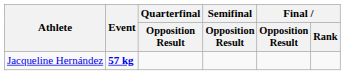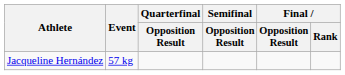 <table class=wikitable style=font-size:90%;text-align:center>
 <tr>
 <th rowspan=2>Athlete</th>
 <th rowspan=2>Event</th>
 <th>Quarterfinal</th>
 <th>Semifinal</th>
 <th colspan=2>Final / </th>
 </tr>
 <tr style=font-size:95%>
 <th>Opposition<br>Result</th>
 <th>Opposition<br>Result</th>
 <th>Opposition<br>Result</th>
 <th>Rank</th>
 </tr>
 <tr>
 <td align=left><a href='#'>Jacqueline Hernández</a></td>
-<td align=left><strong><a href='#'>57 kg</a></strong></td>
+<td align=left><a href='#'>57 kg</a></td>
 <td></td>
 <td></td>
 <td></td>
 <td></td>
 </tr>
 </table>
